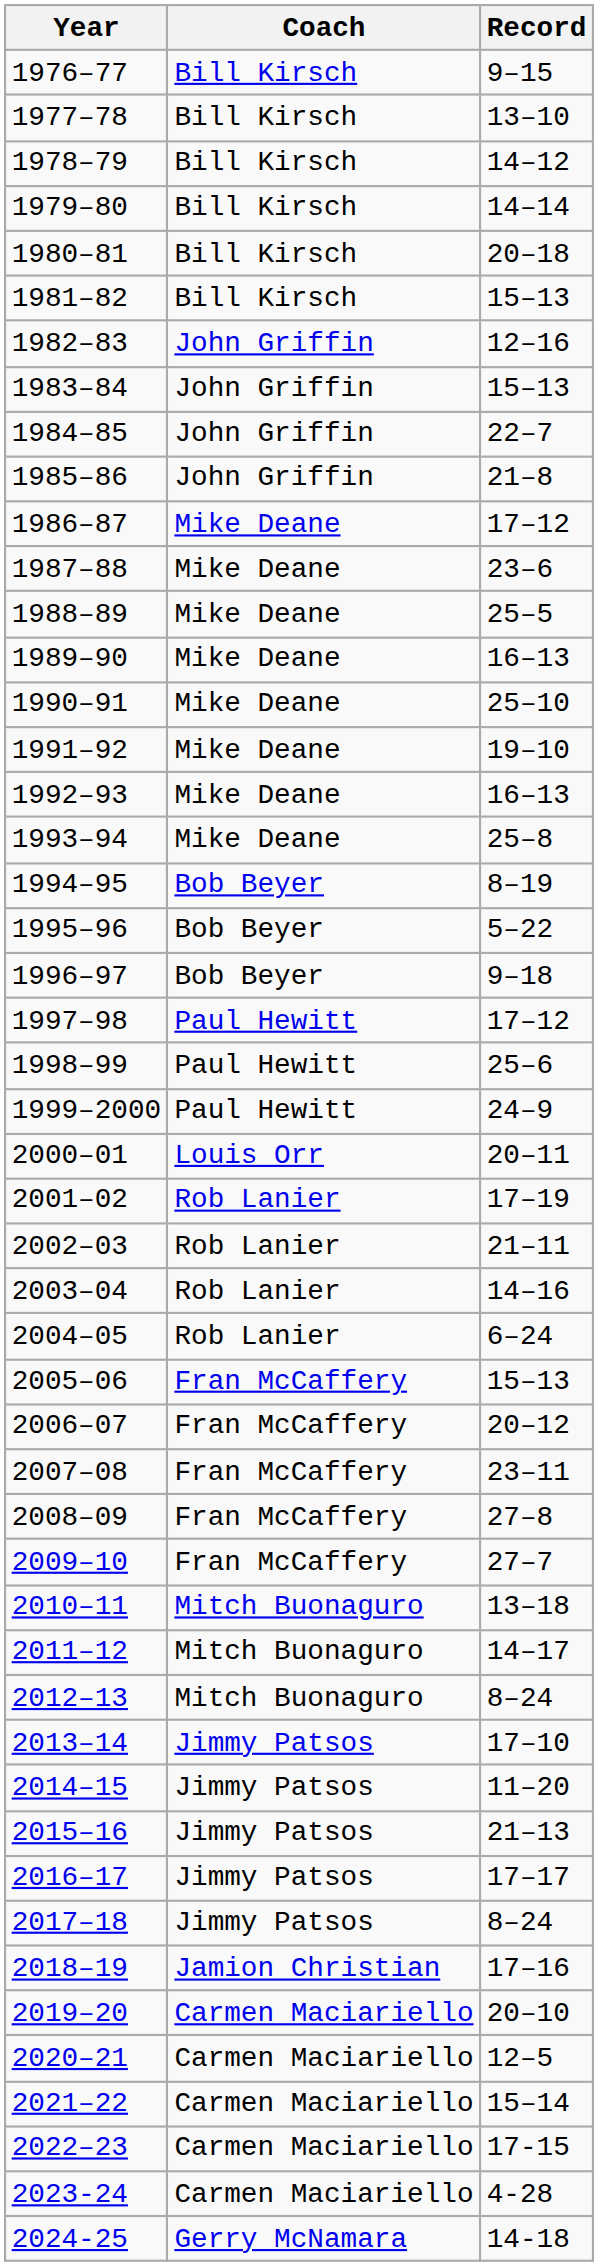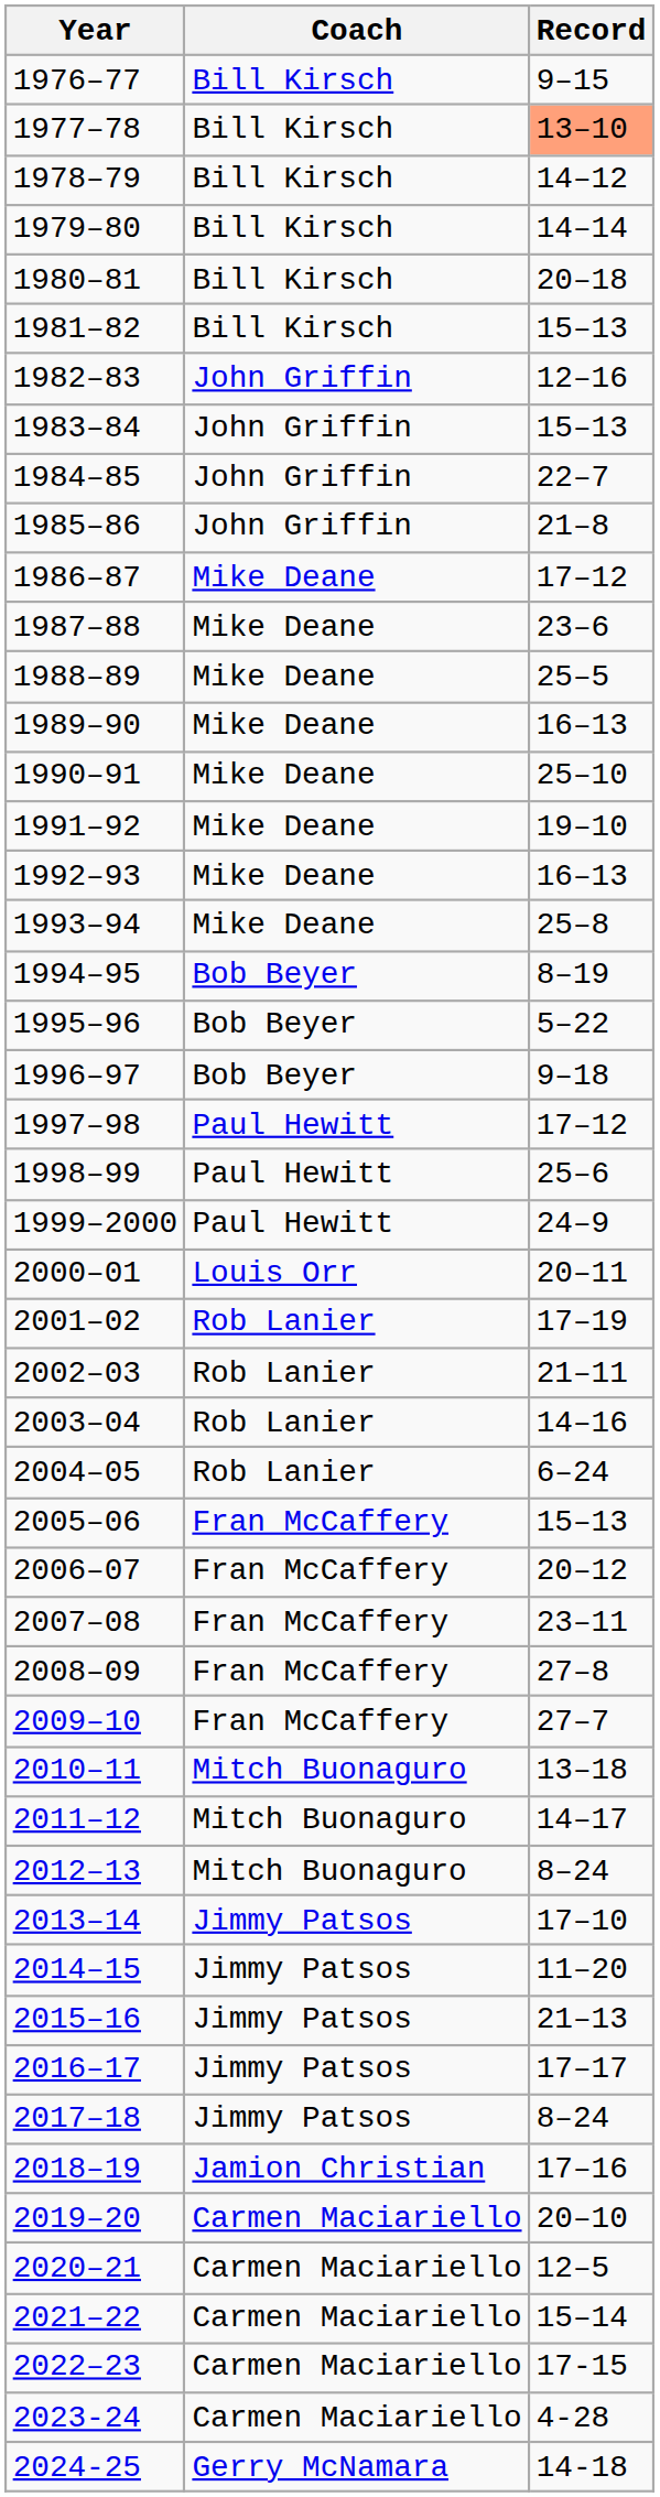 <table class="wikitable">
 <tr>
 <th>Year</th>
 <th>Coach</th>
 <th>Record</th>
 </tr>
 <tr>
 <td>1976–77</td>
 <td><a href='#'>Bill Kirsch</a></td>
 <td>9–15</td>
 </tr>
 <tr>
 <td>1977–78</td>
 <td>Bill Kirsch</td>
-<td>13–10</td>
+<td style="background: lightsalmon;">13–10</td>
 </tr>
 <tr>
 <td>1978–79</td>
 <td>Bill Kirsch</td>
 <td>14–12</td>
 </tr>
 <tr>
 <td>1979–80</td>
 <td>Bill Kirsch</td>
 <td>14–14</td>
 </tr>
 <tr>
 <td>1980–81</td>
 <td>Bill Kirsch</td>
 <td>20–18</td>
 </tr>
 <tr>
 <td>1981–82</td>
 <td>Bill Kirsch</td>
 <td>15–13</td>
 </tr>
 <tr>
 <td>1982–83</td>
 <td><a href='#'>John Griffin</a></td>
 <td>12–16</td>
 </tr>
 <tr>
 <td>1983–84</td>
 <td>John Griffin</td>
 <td>15–13</td>
 </tr>
 <tr>
 <td>1984–85</td>
 <td>John Griffin</td>
 <td>22–7</td>
 </tr>
 <tr>
 <td>1985–86</td>
 <td>John Griffin</td>
 <td>21–8</td>
 </tr>
 <tr>
 <td>1986–87</td>
 <td><a href='#'>Mike Deane</a></td>
 <td>17–12</td>
 </tr>
 <tr>
 <td>1987–88</td>
 <td>Mike Deane</td>
 <td>23–6</td>
 </tr>
 <tr>
 <td>1988–89</td>
 <td>Mike Deane</td>
 <td>25–5</td>
 </tr>
 <tr>
 <td>1989–90</td>
 <td>Mike Deane</td>
 <td>16–13</td>
 </tr>
 <tr>
 <td>1990–91</td>
 <td>Mike Deane</td>
 <td>25–10</td>
 </tr>
 <tr>
 <td>1991–92</td>
 <td>Mike Deane</td>
 <td>19–10</td>
 </tr>
 <tr>
 <td>1992–93</td>
 <td>Mike Deane</td>
 <td>16–13</td>
 </tr>
 <tr>
 <td>1993–94</td>
 <td>Mike Deane</td>
 <td>25–8</td>
 </tr>
 <tr>
 <td>1994–95</td>
 <td><a href='#'>Bob Beyer</a></td>
 <td>8–19</td>
 </tr>
 <tr>
 <td>1995–96</td>
 <td>Bob Beyer</td>
 <td>5–22</td>
 </tr>
 <tr>
 <td>1996–97</td>
 <td>Bob Beyer</td>
 <td>9–18</td>
 </tr>
 <tr>
 <td>1997–98</td>
 <td><a href='#'>Paul Hewitt</a></td>
 <td>17–12</td>
 </tr>
 <tr>
 <td>1998–99</td>
 <td>Paul Hewitt</td>
 <td>25–6</td>
 </tr>
 <tr>
 <td>1999–2000</td>
 <td>Paul Hewitt</td>
 <td>24–9</td>
 </tr>
 <tr>
 <td>2000–01</td>
 <td><a href='#'>Louis Orr</a></td>
 <td>20–11</td>
 </tr>
 <tr>
 <td>2001–02</td>
 <td><a href='#'>Rob Lanier</a></td>
 <td>17–19</td>
 </tr>
 <tr>
 <td>2002–03</td>
 <td>Rob Lanier</td>
 <td>21–11</td>
 </tr>
 <tr>
 <td>2003–04</td>
 <td>Rob Lanier</td>
 <td>14–16</td>
 </tr>
 <tr>
 <td>2004–05</td>
 <td>Rob Lanier</td>
 <td>6–24</td>
 </tr>
 <tr>
 <td>2005–06</td>
 <td><a href='#'>Fran McCaffery</a></td>
 <td>15–13</td>
 </tr>
 <tr>
 <td>2006–07</td>
 <td>Fran McCaffery</td>
 <td>20–12</td>
 </tr>
 <tr>
 <td>2007–08</td>
 <td>Fran McCaffery</td>
 <td>23–11</td>
 </tr>
 <tr>
 <td>2008–09</td>
 <td>Fran McCaffery</td>
 <td>27–8</td>
 </tr>
 <tr>
 <td><a href='#'>2009–10</a></td>
 <td>Fran McCaffery</td>
 <td>27–7</td>
 </tr>
 <tr>
 <td><a href='#'>2010–11</a></td>
 <td><a href='#'>Mitch Buonaguro</a></td>
 <td>13–18</td>
 </tr>
 <tr>
 <td><a href='#'>2011–12</a></td>
 <td>Mitch Buonaguro</td>
 <td>14–17</td>
 </tr>
 <tr>
 <td><a href='#'>2012–13</a></td>
 <td>Mitch Buonaguro</td>
 <td>8–24</td>
 </tr>
 <tr>
 <td><a href='#'>2013–14</a></td>
 <td><a href='#'>Jimmy Patsos</a></td>
 <td>17–10</td>
 </tr>
 <tr>
 <td><a href='#'>2014–15</a></td>
 <td>Jimmy Patsos</td>
 <td>11–20</td>
 </tr>
 <tr>
 <td><a href='#'>2015–16</a></td>
 <td>Jimmy Patsos</td>
 <td>21–13</td>
 </tr>
 <tr>
 <td><a href='#'>2016–17</a></td>
 <td>Jimmy Patsos</td>
 <td>17–17</td>
 </tr>
 <tr>
 <td><a href='#'>2017–18</a></td>
 <td>Jimmy Patsos</td>
 <td>8–24</td>
 </tr>
 <tr>
 <td><a href='#'>2018–19</a></td>
 <td><a href='#'>Jamion Christian</a></td>
 <td>17–16</td>
 </tr>
 <tr>
 <td><a href='#'>2019–20</a></td>
 <td><a href='#'>Carmen Maciariello</a></td>
 <td>20–10</td>
 </tr>
 <tr>
 <td><a href='#'>2020–21</a></td>
 <td>Carmen Maciariello</td>
 <td>12–5</td>
 </tr>
 <tr>
 <td><a href='#'>2021–22</a></td>
 <td>Carmen Maciariello</td>
 <td>15–14</td>
 </tr>
 <tr>
 <td><a href='#'>2022–23</a></td>
 <td>Carmen Maciariello</td>
 <td>17-15</td>
 </tr>
 <tr>
 <td><a href='#'>2023-24</a></td>
 <td>Carmen Maciariello</td>
 <td>4-28</td>
 </tr>
 <tr>
 <td><a href='#'>2024-25</a></td>
 <td><a href='#'>Gerry McNamara</a></td>
 <td>14-18</td>
 </tr>
 </table>
